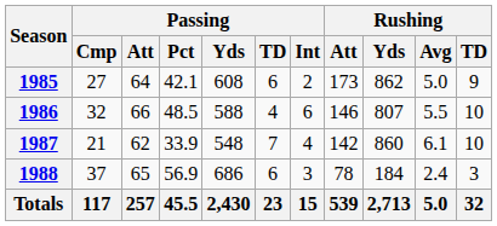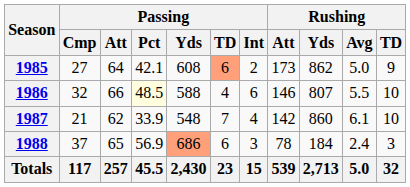 <table class=wikitable style="text-align:center;">
 <tr>
 <th rowspan="2">Season</th>
 <th colspan="6">Passing</th>
 <th colspan="4">Rushing</th>
 </tr>
 <tr>
 <th>Cmp</th>
 <th>Att</th>
 <th>Pct</th>
 <th>Yds</th>
 <th>TD</th>
 <th>Int</th>
 <th>Att</th>
 <th>Yds</th>
 <th>Avg</th>
 <th>TD</th>
 </tr>
 <tr>
 <th><a href='#'>1985</a></th>
 <td>27</td>
 <td>64</td>
 <td>42.1</td>
 <td>608</td>
-<td>6</td>
+<td style="background: lightsalmon;">6</td>
 <td>2</td>
 <td>173</td>
 <td>862</td>
 <td>5.0</td>
 <td>9</td>
 </tr>
 <tr>
 <th><a href='#'>1986</a></th>
 <td>32</td>
 <td>66</td>
-<td>48.5</td>
+<td style="background: lightyellow;">48.5</td>
 <td>588</td>
 <td>4</td>
 <td>6</td>
 <td>146</td>
 <td>807</td>
 <td>5.5</td>
 <td>10</td>
 </tr>
 <tr>
 <th><a href='#'>1987</a></th>
 <td>21</td>
 <td>62</td>
 <td>33.9</td>
 <td>548</td>
 <td>7</td>
 <td>4</td>
 <td>142</td>
 <td>860</td>
 <td>6.1</td>
 <td>10</td>
 </tr>
 <tr>
 <th><a href='#'>1988</a></th>
 <td>37</td>
 <td>65</td>
 <td>56.9</td>
-<td>686</td>
+<td style="background: lightsalmon;">686</td>
 <td>6</td>
 <td>3</td>
 <td>78</td>
 <td>184</td>
 <td>2.4</td>
 <td>3</td>
 </tr>
 <tr>
 <th>Totals</th>
 <th>117</th>
 <th>257</th>
 <th>45.5</th>
 <th>2,430</th>
 <th>23</th>
 <th>15</th>
 <th>539</th>
 <th>2,713</th>
 <th>5.0</th>
 <th>32</th>
 </tr>
 </table>
